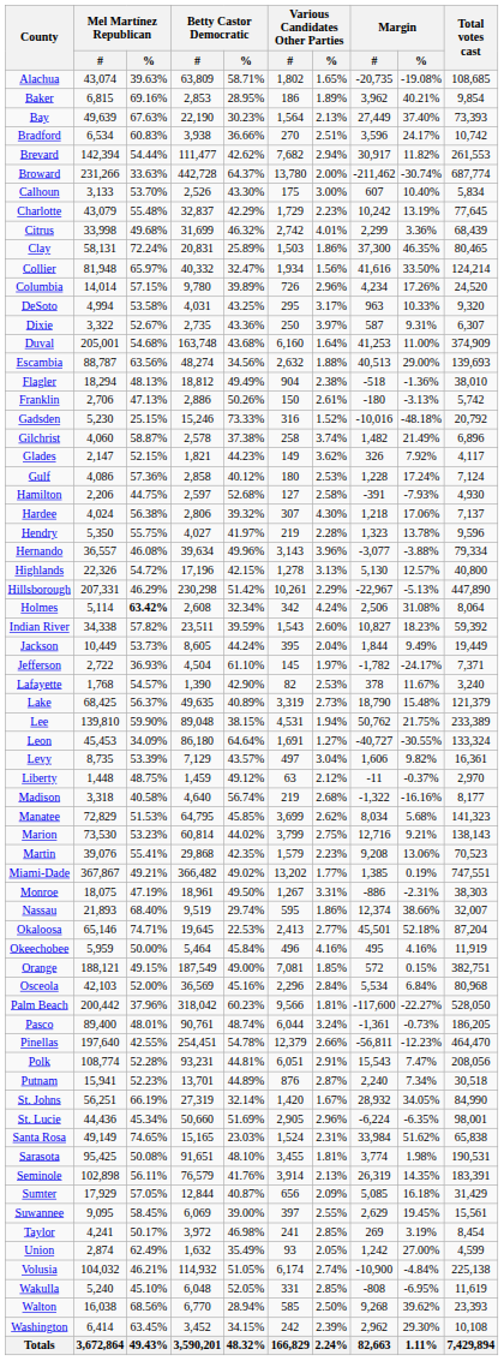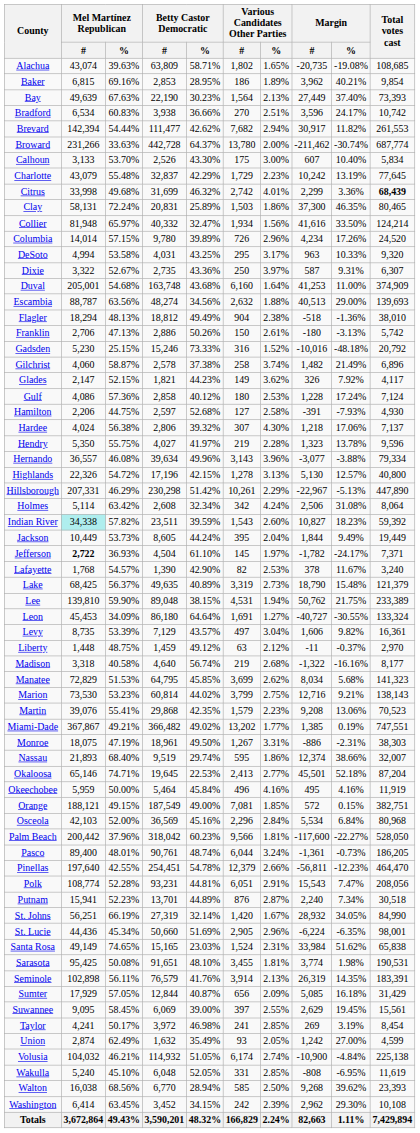 <table class="wikitable sortable" width="60%" style="text-align:center">
 <tr>
 <th rowspan="2">County</th>
 <th colspan="2" style="text-align:center;">Mel Martínez<br>Republican</th>
 <th colspan="2" style="text-align:center;">Betty Castor<br>Democratic</th>
 <th colspan="2">Various Candidates<br>Other Parties</th>
 <th colspan="2" style="text-align:center;">Margin</th>
 <th rowspan="2" style="text-align:center;">Total votes cast</th>
 </tr>
 <tr>
 <th data-sort-type="number" style="text-align:center;">#</th>
 <th data-sort-type="number" style="text-align:center;">%</th>
 <th data-sort-type="number" style="text-align:center;">#</th>
 <th data-sort-type="number" style="text-align:center;">%</th>
 <th>#</th>
 <th>%</th>
 <th data-sort-type="number" style="text-align:center;">#</th>
 <th data-sort-type="number" style="text-align:center;">%</th>
 </tr>
 <tr style="text-align:center;">
 <td><a href='#'>Alachua</a></td>
 <td>43,074</td>
 <td>39.63%</td>
 <td>63,809</td>
 <td>58.71%</td>
 <td>1,802</td>
 <td>1.65%</td>
 <td>-20,735</td>
 <td>-19.08%</td>
 <td>108,685</td>
 </tr>
 <tr style="text-align:center;">
 <td><a href='#'>Baker</a></td>
 <td>6,815</td>
 <td>69.16%</td>
 <td>2,853</td>
 <td>28.95%</td>
 <td>186</td>
 <td>1.89%</td>
 <td>3,962</td>
 <td>40.21%</td>
 <td>9,854</td>
 </tr>
 <tr style="text-align:center;">
 <td><a href='#'>Bay</a></td>
 <td>49,639</td>
 <td>67.63%</td>
 <td>22,190</td>
 <td>30.23%</td>
 <td>1,564</td>
 <td>2.13%</td>
 <td>27,449</td>
 <td>37.40%</td>
 <td>73,393</td>
 </tr>
 <tr style="text-align:center;">
 <td><a href='#'>Bradford</a></td>
 <td>6,534</td>
 <td>60.83%</td>
 <td>3,938</td>
 <td>36.66%</td>
 <td>270</td>
 <td>2.51%</td>
 <td>3,596</td>
 <td>24.17%</td>
 <td>10,742</td>
 </tr>
 <tr style="text-align:center;">
 <td><a href='#'>Brevard</a></td>
 <td>142,394</td>
 <td>54.44%</td>
 <td>111,477</td>
 <td>42.62%</td>
 <td>7,682</td>
 <td>2.94%</td>
 <td>30,917</td>
 <td>11.82%</td>
 <td>261,553</td>
 </tr>
 <tr style="text-align:center;">
 <td><a href='#'>Broward</a></td>
 <td>231,266</td>
 <td>33.63%</td>
 <td>442,728</td>
 <td>64.37%</td>
 <td>13,780</td>
 <td>2.00%</td>
 <td>-211,462</td>
 <td>-30.74%</td>
 <td>687,774</td>
 </tr>
 <tr style="text-align:center;">
 <td><a href='#'>Calhoun</a></td>
 <td>3,133</td>
 <td>53.70%</td>
 <td>2,526</td>
 <td>43.30%</td>
 <td>175</td>
 <td>3.00%</td>
 <td>607</td>
 <td>10.40%</td>
 <td>5,834</td>
 </tr>
 <tr style="text-align:center;">
 <td><a href='#'>Charlotte</a></td>
 <td>43,079</td>
 <td>55.48%</td>
 <td>32,837</td>
 <td>42.29%</td>
 <td>1,729</td>
 <td>2.23%</td>
 <td>10,242</td>
 <td>13.19%</td>
 <td>77,645</td>
 </tr>
 <tr style="text-align:center;">
 <td><a href='#'>Citrus</a></td>
 <td>33,998</td>
 <td>49.68%</td>
 <td>31,699</td>
 <td>46.32%</td>
 <td>2,742</td>
 <td>4.01%</td>
 <td>2,299</td>
 <td>3.36%</td>
-<td>68,439</td>
+<td><strong>68,439</strong></td>
 </tr>
 <tr style="text-align:center;">
 <td><a href='#'>Clay</a></td>
 <td>58,131</td>
 <td>72.24%</td>
 <td>20,831</td>
 <td>25.89%</td>
 <td>1,503</td>
 <td>1.86%</td>
 <td>37,300</td>
 <td>46.35%</td>
 <td>80,465</td>
 </tr>
 <tr style="text-align:center;">
 <td><a href='#'>Collier</a></td>
 <td>81,948</td>
 <td>65.97%</td>
 <td>40,332</td>
 <td>32.47%</td>
 <td>1,934</td>
 <td>1.56%</td>
 <td>41,616</td>
 <td>33.50%</td>
 <td>124,214</td>
 </tr>
 <tr style="text-align:center;">
 <td><a href='#'>Columbia</a></td>
 <td>14,014</td>
 <td>57.15%</td>
 <td>9,780</td>
 <td>39.89%</td>
 <td>726</td>
 <td>2.96%</td>
 <td>4,234</td>
 <td>17.26%</td>
 <td>24,520</td>
 </tr>
 <tr style="text-align:center;">
 <td><a href='#'>DeSoto</a></td>
 <td>4,994</td>
 <td>53.58%</td>
 <td>4,031</td>
 <td>43.25%</td>
 <td>295</td>
 <td>3.17%</td>
 <td>963</td>
 <td>10.33%</td>
 <td>9,320</td>
 </tr>
 <tr style="text-align:center;">
 <td><a href='#'>Dixie</a></td>
 <td>3,322</td>
 <td>52.67%</td>
 <td>2,735</td>
 <td>43.36%</td>
 <td>250</td>
 <td>3.97%</td>
 <td>587</td>
 <td>9.31%</td>
 <td>6,307</td>
 </tr>
 <tr style="text-align:center;">
 <td><a href='#'>Duval</a></td>
 <td>205,001</td>
 <td>54.68%</td>
 <td>163,748</td>
 <td>43.68%</td>
 <td>6,160</td>
 <td>1.64%</td>
 <td>41,253</td>
 <td>11.00%</td>
 <td>374,909</td>
 </tr>
 <tr style="text-align:center;">
 <td><a href='#'>Escambia</a></td>
 <td>88,787</td>
 <td>63.56%</td>
 <td>48,274</td>
 <td>34.56%</td>
 <td>2,632</td>
 <td>1.88%</td>
 <td>40,513</td>
 <td>29.00%</td>
 <td>139,693</td>
 </tr>
 <tr style="text-align:center;">
 <td><a href='#'>Flagler</a></td>
 <td>18,294</td>
 <td>48.13%</td>
 <td>18,812</td>
 <td>49.49%</td>
 <td>904</td>
 <td>2.38%</td>
 <td>-518</td>
 <td>-1.36%</td>
 <td>38,010</td>
 </tr>
 <tr style="text-align:center;">
 <td><a href='#'>Franklin</a></td>
 <td>2,706</td>
 <td>47.13%</td>
 <td>2,886</td>
 <td>50.26%</td>
 <td>150</td>
 <td>2.61%</td>
 <td>-180</td>
 <td>-3.13%</td>
 <td>5,742</td>
 </tr>
 <tr style="text-align:center;">
 <td><a href='#'>Gadsden</a></td>
 <td>5,230</td>
 <td>25.15%</td>
 <td>15,246</td>
 <td>73.33%</td>
 <td>316</td>
 <td>1.52%</td>
 <td>-10,016</td>
 <td>-48.18%</td>
 <td>20,792</td>
 </tr>
 <tr style="text-align:center;">
 <td><a href='#'>Gilchrist</a></td>
 <td>4,060</td>
 <td>58.87%</td>
 <td>2,578</td>
 <td>37.38%</td>
 <td>258</td>
 <td>3.74%</td>
 <td>1,482</td>
 <td>21.49%</td>
 <td>6,896</td>
 </tr>
 <tr style="text-align:center;">
 <td><a href='#'>Glades</a></td>
 <td>2,147</td>
 <td>52.15%</td>
 <td>1,821</td>
 <td>44.23%</td>
 <td>149</td>
 <td>3.62%</td>
 <td>326</td>
 <td>7.92%</td>
 <td>4,117</td>
 </tr>
 <tr style="text-align:center;">
 <td><a href='#'>Gulf</a></td>
 <td>4,086</td>
 <td>57.36%</td>
 <td>2,858</td>
 <td>40.12%</td>
 <td>180</td>
 <td>2.53%</td>
 <td>1,228</td>
 <td>17.24%</td>
 <td>7,124</td>
 </tr>
 <tr style="text-align:center;">
 <td><a href='#'>Hamilton</a></td>
 <td>2,206</td>
 <td>44.75%</td>
 <td>2,597</td>
 <td>52.68%</td>
 <td>127</td>
 <td>2.58%</td>
 <td>-391</td>
 <td>-7.93%</td>
 <td>4,930</td>
 </tr>
 <tr style="text-align:center;">
 <td><a href='#'>Hardee</a></td>
 <td>4,024</td>
 <td>56.38%</td>
 <td>2,806</td>
 <td>39.32%</td>
 <td>307</td>
 <td>4.30%</td>
 <td>1,218</td>
 <td>17.06%</td>
 <td>7,137</td>
 </tr>
 <tr style="text-align:center;">
 <td><a href='#'>Hendry</a></td>
 <td>5,350</td>
 <td>55.75%</td>
 <td>4,027</td>
 <td>41.97%</td>
 <td>219</td>
 <td>2.28%</td>
 <td>1,323</td>
 <td>13.78%</td>
 <td>9,596</td>
 </tr>
 <tr style="text-align:center;">
 <td><a href='#'>Hernando</a></td>
 <td>36,557</td>
 <td>46.08%</td>
 <td>39,634</td>
 <td>49.96%</td>
 <td>3,143</td>
 <td>3.96%</td>
 <td>-3,077</td>
 <td>-3.88%</td>
 <td>79,334</td>
 </tr>
 <tr style="text-align:center;">
 <td><a href='#'>Highlands</a></td>
 <td>22,326</td>
 <td>54.72%</td>
 <td>17,196</td>
 <td>42.15%</td>
 <td>1,278</td>
 <td>3.13%</td>
 <td>5,130</td>
 <td>12.57%</td>
 <td>40,800</td>
 </tr>
 <tr style="text-align:center;">
 <td><a href='#'>Hillsborough</a></td>
 <td>207,331</td>
 <td>46.29%</td>
 <td>230,298</td>
 <td>51.42%</td>
 <td>10,261</td>
 <td>2.29%</td>
 <td>-22,967</td>
 <td>-5.13%</td>
 <td>447,890</td>
 </tr>
 <tr style="text-align:center;">
 <td><a href='#'>Holmes</a></td>
 <td>5,114</td>
-<td><strong>63.42%</strong></td>
+<td>63.42%</td>
 <td>2,608</td>
 <td>32.34%</td>
 <td>342</td>
 <td>4.24%</td>
 <td>2,506</td>
 <td>31.08%</td>
 <td>8,064</td>
 </tr>
 <tr style="text-align:center;">
 <td><a href='#'>Indian River</a></td>
-<td>34,338</td>
+<td style="background: paleturquoise;">34,338</td>
 <td>57.82%</td>
 <td>23,511</td>
 <td>39.59%</td>
 <td>1,543</td>
 <td>2.60%</td>
 <td>10,827</td>
 <td>18.23%</td>
 <td>59,392</td>
 </tr>
 <tr style="text-align:center;">
 <td><a href='#'>Jackson</a></td>
 <td>10,449</td>
 <td>53.73%</td>
 <td>8,605</td>
 <td>44.24%</td>
 <td>395</td>
 <td>2.04%</td>
 <td>1,844</td>
 <td>9.49%</td>
 <td>19,449</td>
 </tr>
 <tr style="text-align:center;">
 <td><a href='#'>Jefferson</a></td>
-<td>2,722</td>
+<td><strong>2,722</strong></td>
 <td>36.93%</td>
 <td>4,504</td>
 <td>61.10%</td>
 <td>145</td>
 <td>1.97%</td>
 <td>-1,782</td>
 <td>-24.17%</td>
 <td>7,371</td>
 </tr>
 <tr style="text-align:center;">
 <td><a href='#'>Lafayette</a></td>
 <td>1,768</td>
 <td>54.57%</td>
 <td>1,390</td>
 <td>42.90%</td>
 <td>82</td>
 <td>2.53%</td>
 <td>378</td>
 <td>11.67%</td>
 <td>3,240</td>
 </tr>
 <tr style="text-align:center;">
 <td><a href='#'>Lake</a></td>
 <td>68,425</td>
 <td>56.37%</td>
 <td>49,635</td>
 <td>40.89%</td>
 <td>3,319</td>
 <td>2.73%</td>
 <td>18,790</td>
 <td>15.48%</td>
 <td>121,379</td>
 </tr>
 <tr style="text-align:center;">
 <td><a href='#'>Lee</a></td>
 <td>139,810</td>
 <td>59.90%</td>
 <td>89,048</td>
 <td>38.15%</td>
 <td>4,531</td>
 <td>1.94%</td>
 <td>50,762</td>
 <td>21.75%</td>
 <td>233,389</td>
 </tr>
 <tr style="text-align:center;">
 <td><a href='#'>Leon</a></td>
 <td>45,453</td>
 <td>34.09%</td>
 <td>86,180</td>
 <td>64.64%</td>
 <td>1,691</td>
 <td>1.27%</td>
 <td>-40,727</td>
 <td>-30.55%</td>
 <td>133,324</td>
 </tr>
 <tr style="text-align:center;">
 <td><a href='#'>Levy</a></td>
 <td>8,735</td>
 <td>53.39%</td>
 <td>7,129</td>
 <td>43.57%</td>
 <td>497</td>
 <td>3.04%</td>
 <td>1,606</td>
 <td>9.82%</td>
 <td>16,361</td>
 </tr>
 <tr style="text-align:center;">
 <td><a href='#'>Liberty</a></td>
 <td>1,448</td>
 <td>48.75%</td>
 <td>1,459</td>
 <td>49.12%</td>
 <td>63</td>
 <td>2.12%</td>
 <td>-11</td>
 <td>-0.37%</td>
 <td>2,970</td>
 </tr>
 <tr style="text-align:center;">
 <td><a href='#'>Madison</a></td>
 <td>3,318</td>
 <td>40.58%</td>
 <td>4,640</td>
 <td>56.74%</td>
 <td>219</td>
 <td>2.68%</td>
 <td>-1,322</td>
 <td>-16.16%</td>
 <td>8,177</td>
 </tr>
 <tr style="text-align:center;">
 <td><a href='#'>Manatee</a></td>
 <td>72,829</td>
 <td>51.53%</td>
 <td>64,795</td>
 <td>45.85%</td>
 <td>3,699</td>
 <td>2.62%</td>
 <td>8,034</td>
 <td>5.68%</td>
 <td>141,323</td>
 </tr>
 <tr style="text-align:center;">
 <td><a href='#'>Marion</a></td>
 <td>73,530</td>
 <td>53.23%</td>
 <td>60,814</td>
 <td>44.02%</td>
 <td>3,799</td>
 <td>2.75%</td>
 <td>12,716</td>
 <td>9.21%</td>
 <td>138,143</td>
 </tr>
 <tr style="text-align:center;">
 <td><a href='#'>Martin</a></td>
 <td>39,076</td>
 <td>55.41%</td>
 <td>29,868</td>
 <td>42.35%</td>
 <td>1,579</td>
 <td>2.23%</td>
 <td>9,208</td>
 <td>13.06%</td>
 <td>70,523</td>
 </tr>
 <tr style="text-align:center;">
 <td><a href='#'>Miami-Dade</a></td>
 <td>367,867</td>
 <td>49.21%</td>
 <td>366,482</td>
 <td>49.02%</td>
 <td>13,202</td>
 <td>1.77%</td>
 <td>1,385</td>
 <td>0.19%</td>
 <td>747,551</td>
 </tr>
 <tr style="text-align:center;">
 <td><a href='#'>Monroe</a></td>
 <td>18,075</td>
 <td>47.19%</td>
 <td>18,961</td>
 <td>49.50%</td>
 <td>1,267</td>
 <td>3.31%</td>
 <td>-886</td>
 <td>-2.31%</td>
 <td>38,303</td>
 </tr>
 <tr style="text-align:center;">
 <td><a href='#'>Nassau</a></td>
 <td>21,893</td>
 <td>68.40%</td>
 <td>9,519</td>
 <td>29.74%</td>
 <td>595</td>
 <td>1.86%</td>
 <td>12,374</td>
 <td>38.66%</td>
 <td>32,007</td>
 </tr>
 <tr style="text-align:center;">
 <td><a href='#'>Okaloosa</a></td>
 <td>65,146</td>
 <td>74.71%</td>
 <td>19,645</td>
 <td>22.53%</td>
 <td>2,413</td>
 <td>2.77%</td>
 <td>45,501</td>
 <td>52.18%</td>
 <td>87,204</td>
 </tr>
 <tr style="text-align:center;">
 <td><a href='#'>Okeechobee</a></td>
 <td>5,959</td>
 <td>50.00%</td>
 <td>5,464</td>
 <td>45.84%</td>
 <td>496</td>
 <td>4.16%</td>
 <td>495</td>
 <td>4.16%</td>
 <td>11,919</td>
 </tr>
 <tr style="text-align:center;">
 <td><a href='#'>Orange</a></td>
 <td>188,121</td>
 <td>49.15%</td>
 <td>187,549</td>
 <td>49.00%</td>
 <td>7,081</td>
 <td>1.85%</td>
 <td>572</td>
 <td>0.15%</td>
 <td>382,751</td>
 </tr>
 <tr style="text-align:center;">
 <td><a href='#'>Osceola</a></td>
 <td>42,103</td>
 <td>52.00%</td>
 <td>36,569</td>
 <td>45.16%</td>
 <td>2,296</td>
 <td>2.84%</td>
 <td>5,534</td>
 <td>6.84%</td>
 <td>80,968</td>
 </tr>
 <tr style="text-align:center;">
 <td><a href='#'>Palm Beach</a></td>
 <td>200,442</td>
 <td>37.96%</td>
 <td>318,042</td>
 <td>60.23%</td>
 <td>9,566</td>
 <td>1.81%</td>
 <td>-117,600</td>
 <td>-22.27%</td>
 <td>528,050</td>
 </tr>
 <tr style="text-align:center;">
 <td><a href='#'>Pasco</a></td>
 <td>89,400</td>
 <td>48.01%</td>
 <td>90,761</td>
 <td>48.74%</td>
 <td>6,044</td>
 <td>3.24%</td>
 <td>-1,361</td>
 <td>-0.73%</td>
 <td>186,205</td>
 </tr>
 <tr style="text-align:center;">
 <td><a href='#'>Pinellas</a></td>
 <td>197,640</td>
 <td>42.55%</td>
 <td>254,451</td>
 <td>54.78%</td>
 <td>12,379</td>
 <td>2.66%</td>
 <td>-56,811</td>
 <td>-12.23%</td>
 <td>464,470</td>
 </tr>
 <tr style="text-align:center;">
 <td><a href='#'>Polk</a></td>
 <td>108,774</td>
 <td>52.28%</td>
 <td>93,231</td>
 <td>44.81%</td>
 <td>6,051</td>
 <td>2.91%</td>
 <td>15,543</td>
 <td>7.47%</td>
 <td>208,056</td>
 </tr>
 <tr style="text-align:center;">
 <td><a href='#'>Putnam</a></td>
 <td>15,941</td>
 <td>52.23%</td>
 <td>13,701</td>
 <td>44.89%</td>
 <td>876</td>
 <td>2.87%</td>
 <td>2,240</td>
 <td>7.34%</td>
 <td>30,518</td>
 </tr>
 <tr style="text-align:center;">
 <td><a href='#'>St. Johns</a></td>
 <td>56,251</td>
 <td>66.19%</td>
 <td>27,319</td>
 <td>32.14%</td>
 <td>1,420</td>
 <td>1.67%</td>
 <td>28,932</td>
 <td>34.05%</td>
 <td>84,990</td>
 </tr>
 <tr style="text-align:center;">
 <td><a href='#'>St. Lucie</a></td>
 <td>44,436</td>
 <td>45.34%</td>
 <td>50,660</td>
 <td>51.69%</td>
 <td>2,905</td>
 <td>2.96%</td>
 <td>-6,224</td>
 <td>-6.35%</td>
 <td>98,001</td>
 </tr>
 <tr style="text-align:center;">
 <td><a href='#'>Santa Rosa</a></td>
 <td>49,149</td>
 <td>74.65%</td>
 <td>15,165</td>
 <td>23.03%</td>
 <td>1,524</td>
 <td>2.31%</td>
 <td>33,984</td>
 <td>51.62%</td>
 <td>65,838</td>
 </tr>
 <tr style="text-align:center;">
 <td><a href='#'>Sarasota</a></td>
 <td>95,425</td>
 <td>50.08%</td>
 <td>91,651</td>
 <td>48.10%</td>
 <td>3,455</td>
 <td>1.81%</td>
 <td>3,774</td>
 <td>1.98%</td>
 <td>190,531</td>
 </tr>
 <tr style="text-align:center;">
 <td><a href='#'>Seminole</a></td>
 <td>102,898</td>
 <td>56.11%</td>
 <td>76,579</td>
 <td>41.76%</td>
 <td>3,914</td>
 <td>2.13%</td>
 <td>26,319</td>
 <td>14.35%</td>
 <td>183,391</td>
 </tr>
 <tr style="text-align:center;">
 <td><a href='#'>Sumter</a></td>
 <td>17,929</td>
 <td>57.05%</td>
 <td>12,844</td>
 <td>40.87%</td>
 <td>656</td>
 <td>2.09%</td>
 <td>5,085</td>
 <td>16.18%</td>
 <td>31,429</td>
 </tr>
 <tr style="text-align:center;">
 <td><a href='#'>Suwannee</a></td>
 <td>9,095</td>
 <td>58.45%</td>
 <td>6,069</td>
 <td>39.00%</td>
 <td>397</td>
 <td>2.55%</td>
 <td>2,629</td>
 <td>19.45%</td>
 <td>15,561</td>
 </tr>
 <tr style="text-align:center;">
 <td><a href='#'>Taylor</a></td>
 <td>4,241</td>
 <td>50.17%</td>
 <td>3,972</td>
 <td>46.98%</td>
 <td>241</td>
 <td>2.85%</td>
 <td>269</td>
 <td>3.19%</td>
 <td>8,454</td>
 </tr>
 <tr style="text-align:center;">
 <td><a href='#'>Union</a></td>
 <td>2,874</td>
 <td>62.49%</td>
 <td>1,632</td>
 <td>35.49%</td>
 <td>93</td>
 <td>2.05%</td>
 <td>1,242</td>
 <td>27.00%</td>
 <td>4,599</td>
 </tr>
 <tr style="text-align:center;">
 <td><a href='#'>Volusia</a></td>
 <td>104,032</td>
 <td>46.21%</td>
 <td>114,932</td>
 <td>51.05%</td>
 <td>6,174</td>
 <td>2.74%</td>
 <td>-10,900</td>
 <td>-4.84%</td>
 <td>225,138</td>
 </tr>
 <tr style="text-align:center;">
 <td><a href='#'>Wakulla</a></td>
 <td>5,240</td>
 <td>45.10%</td>
 <td>6,048</td>
 <td>52.05%</td>
 <td>331</td>
 <td>2.85%</td>
 <td>-808</td>
 <td>-6.95%</td>
 <td>11,619</td>
 </tr>
 <tr style="text-align:center;">
 <td><a href='#'>Walton</a></td>
 <td>16,038</td>
 <td>68.56%</td>
 <td>6,770</td>
 <td>28.94%</td>
 <td>585</td>
 <td>2.50%</td>
 <td>9,268</td>
 <td>39.62%</td>
 <td>23,393</td>
 </tr>
 <tr style="text-align:center;">
 <td><a href='#'>Washington</a></td>
 <td>6,414</td>
 <td>63.45%</td>
 <td>3,452</td>
 <td>34.15%</td>
 <td>242</td>
 <td>2.39%</td>
 <td>2,962</td>
 <td>29.30%</td>
 <td>10,108</td>
 </tr>
 <tr style="text-align:center;">
 <th>Totals</th>
 <th>3,672,864</th>
 <th>49.43%</th>
 <th>3,590,201</th>
 <th>48.32%</th>
 <th>166,829</th>
 <th>2.24%</th>
 <th>82,663</th>
 <th>1.11%</th>
 <th>7,429,894</th>
 </tr>
 </table>
